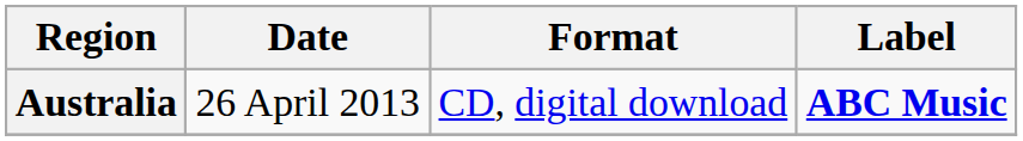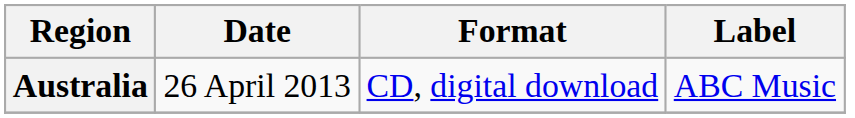 <table class="wikitable plainrowheaders">
 <tr>
 <th scope="col">Region</th>
 <th scope="col">Date</th>
 <th scope="col">Format</th>
 <th scope="col">Label</th>
 </tr>
 <tr>
 <th scope="row">Australia</th>
 <td>26 April 2013</td>
 <td><a href='#'>CD</a>, <a href='#'>digital download</a></td>
-<td><strong><a href='#'>ABC Music</a></strong></td>
+<td><a href='#'>ABC Music</a></td>
 </tr>
 <tr>
 </tr>
 </table>
